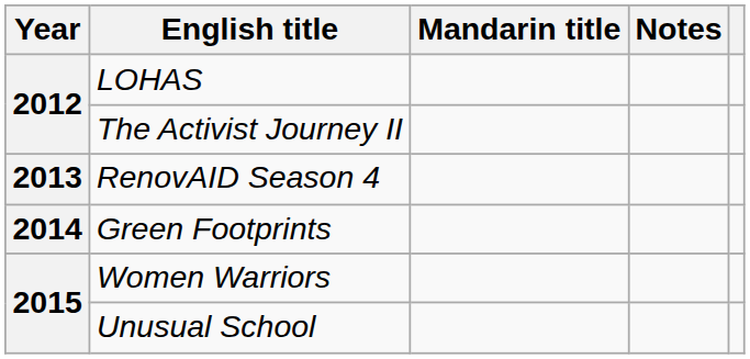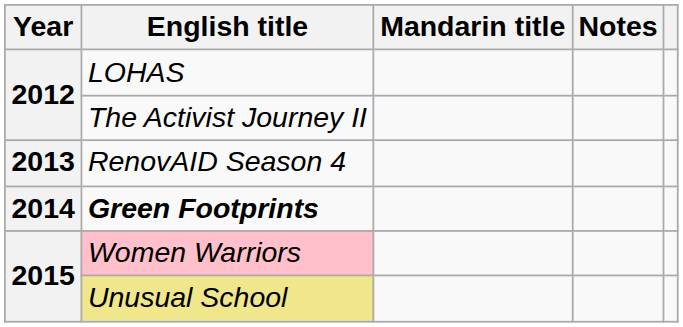 <table class="wikitable sortable plainrowheaders">
 <tr>
 <th scope="col">Year</th>
 <th scope="col">English title</th>
 <th scope="col">Mandarin title</th>
 <th scope="col" class="unsortable">Notes</th>
 <th scope="col" class="unsortable"></th>
 </tr>
 <tr>
 <th scope="row" rowspan="2">2012</th>
 <td><em>LOHAS</em></td>
 <td></td>
 <td></td>
 <td></td>
 </tr>
 <tr>
 <td><em>The Activist Journey II</em></td>
 <td></td>
 <td></td>
 <td></td>
 </tr>
 <tr>
 <th scope="row">2013</th>
 <td><em>RenovAID Season 4</em></td>
 <td></td>
 <td></td>
 <td></td>
 </tr>
 <tr>
 <th scope="row">2014</th>
-<td><em>Green Footprints</em></td>
+<td><strong><em>Green Footprints</em></strong></td>
 <td></td>
 <td></td>
 <td></td>
 </tr>
 <tr>
 <th scope="row" rowspan="2">2015</th>
-<td><em>Women Warriors</em></td>
+<td style="background: pink;"><em>Women Warriors</em></td>
 <td></td>
 <td></td>
 <td></td>
 </tr>
 <tr>
-<td><em>Unusual School</em></td>
+<td style="background: khaki;"><em>Unusual School</em></td>
 <td></td>
 <td></td>
 <td></td>
 </tr>
 </table>
